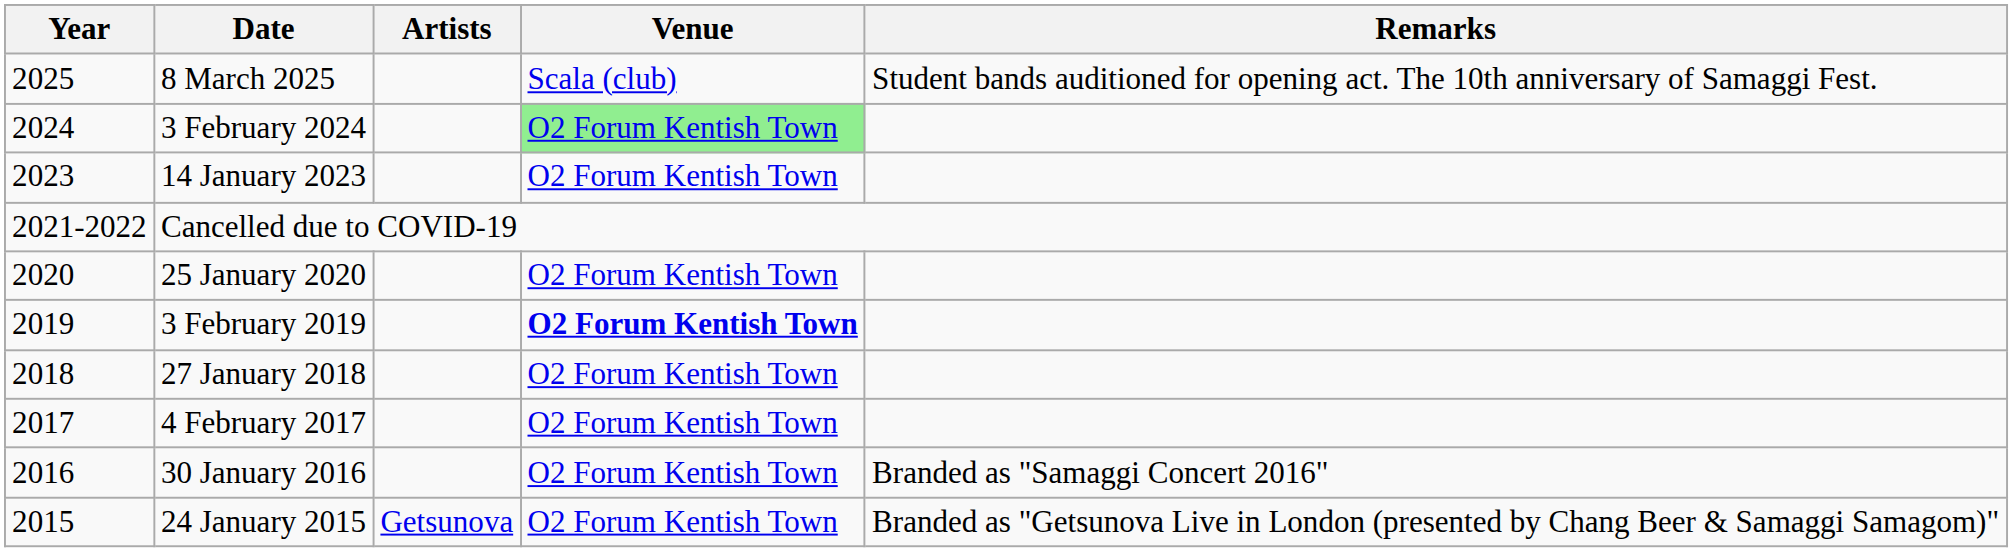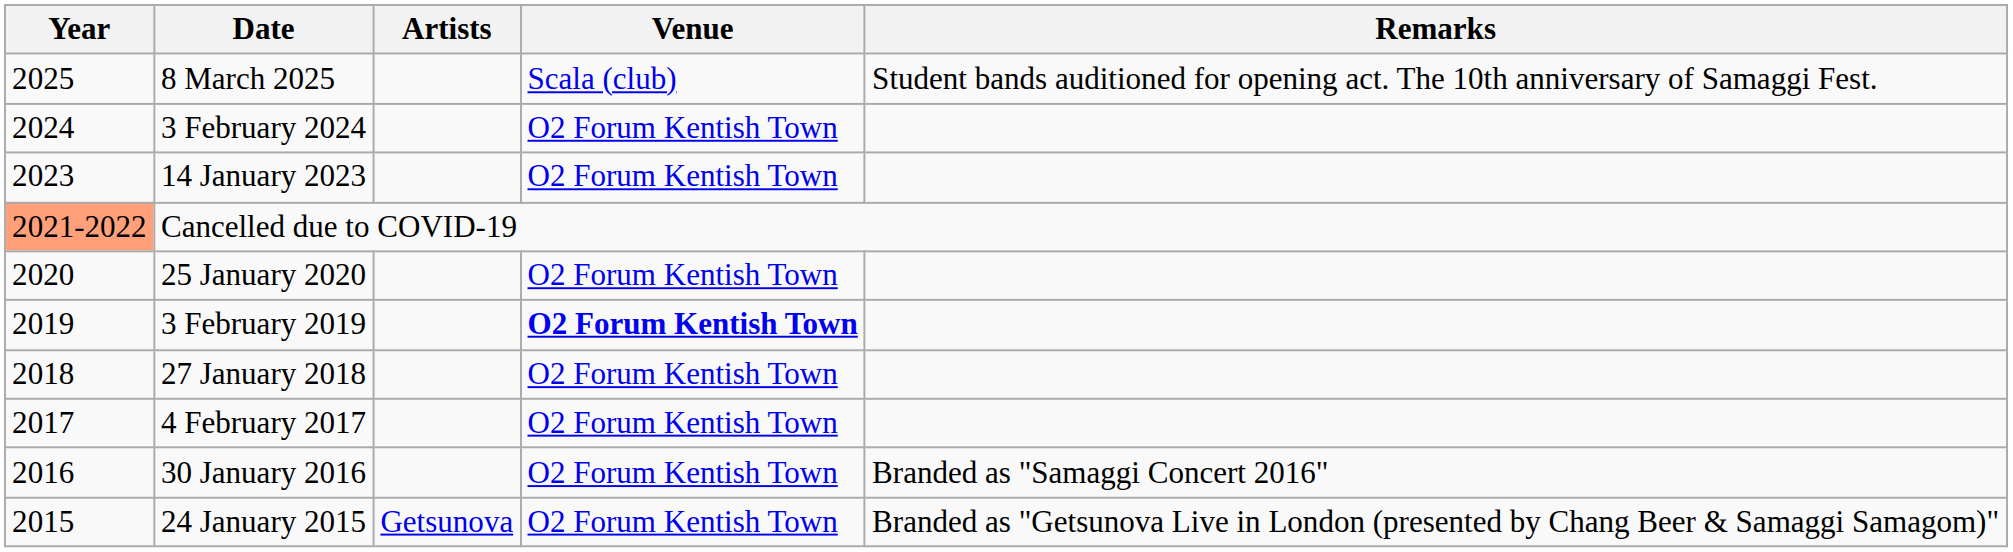 <table class="wikitable">
 <tr>
 <th>Year</th>
 <th>Date</th>
 <th>Artists</th>
 <th>Venue</th>
 <th>Remarks</th>
 </tr>
 <tr>
 <td>2025</td>
 <td>8 March 2025</td>
 <td></td>
 <td><a href='#'>Scala (club)</a></td>
 <td>Student bands auditioned for opening act. The 10th anniversary of Samaggi Fest.</td>
 </tr>
 <tr>
 <td>2024</td>
 <td>3 February 2024</td>
 <td></td>
-<td style="background: lightgreen;"><a href='#'>O2 Forum Kentish Town</a></td>
+<td><a href='#'>O2 Forum Kentish Town</a></td>
 <td></td>
 </tr>
 <tr>
 <td>2023</td>
 <td>14 January 2023</td>
 <td></td>
 <td><a href='#'>O2 Forum Kentish Town</a></td>
 <td></td>
 </tr>
 <tr>
-<td>2021-2022</td>
+<td style="background: lightsalmon;">2021-2022</td>
 <td colspan="4">Cancelled due to COVID-19</td>
 </tr>
 <tr>
 <td>2020</td>
 <td>25 January 2020</td>
 <td></td>
 <td><a href='#'>O2 Forum Kentish Town</a></td>
 <td></td>
 </tr>
 <tr>
 <td>2019</td>
 <td>3 February 2019</td>
 <td></td>
 <td><strong><a href='#'>O2 Forum Kentish Town</a></strong></td>
 <td></td>
 </tr>
 <tr>
 <td>2018</td>
 <td>27 January 2018</td>
 <td></td>
 <td><a href='#'>O2 Forum Kentish Town</a></td>
 <td></td>
 </tr>
 <tr>
 <td>2017</td>
 <td>4 February 2017</td>
 <td></td>
 <td><a href='#'>O2 Forum Kentish Town</a></td>
 <td></td>
 </tr>
 <tr>
 <td>2016</td>
 <td>30 January 2016</td>
 <td></td>
 <td><a href='#'>O2 Forum Kentish Town</a></td>
 <td>Branded as "Samaggi Concert 2016"</td>
 </tr>
 <tr>
 <td>2015</td>
 <td>24 January 2015</td>
 <td><a href='#'>Getsunova</a></td>
 <td><a href='#'>O2 Forum Kentish Town</a></td>
 <td>Branded as "Getsunova Live in London (presented by Chang Beer & Samaggi Samagom)"</td>
 </tr>
 </table>
